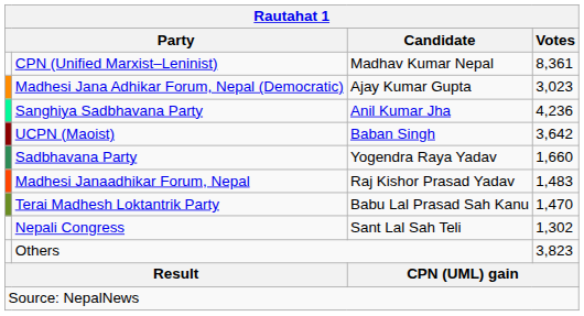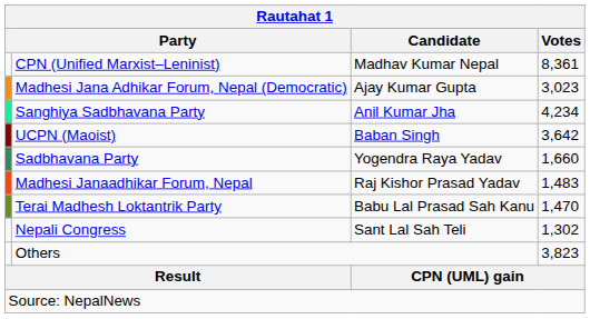 <table class="wikitable">
 <tr>
 <th colspan="4"><a href='#'>Rautahat 1</a></th>
 </tr>
 <tr>
 <th colspan="2">Party</th>
 <th>Candidate</th>
 <th>Votes</th>
 </tr>
 <tr>
 <td style="background-color:"></td>
 <td><a href='#'>CPN (Unified Marxist–Leninist)</a></td>
 <td>Madhav Kumar Nepal</td>
 <td>8,361</td>
 </tr>
 <tr>
 <td style="background-color:darkorange"></td>
 <td><a href='#'>Madhesi Jana Adhikar Forum, Nepal (Democratic)</a></td>
 <td>Ajay Kumar Gupta</td>
 <td>3,023</td>
 </tr>
 <tr>
 <td style="background-color:mediumspringgreen"></td>
 <td><a href='#'>Sanghiya Sadbhavana Party</a></td>
 <td><a href='#'>Anil Kumar Jha</a></td>
-<td>4,236</td>
+<td>4,234</td>
 </tr>
 <tr>
 <td style="background-color:darkred"></td>
 <td><a href='#'>UCPN (Maoist)</a></td>
 <td><a href='#'>Baban Singh</a></td>
 <td>3,642</td>
 </tr>
 <tr>
 <td style="background-color:seagreen"></td>
 <td><a href='#'>Sadbhavana Party</a></td>
 <td>Yogendra Raya Yadav</td>
 <td>1,660</td>
 </tr>
 <tr>
 <td style="background-color:orangered"></td>
 <td><a href='#'>Madhesi Janaadhikar Forum, Nepal</a></td>
 <td>Raj Kishor Prasad Yadav</td>
 <td>1,483</td>
 </tr>
 <tr>
 <td style="background-color:olivedrab"></td>
 <td><a href='#'>Terai Madhesh Loktantrik Party</a></td>
 <td>Babu Lal Prasad Sah Kanu</td>
 <td>1,470</td>
 </tr>
 <tr>
 <td style="background-color:"></td>
 <td><a href='#'>Nepali Congress</a></td>
 <td>Sant Lal Sah Teli</td>
 <td>1,302</td>
 </tr>
 <tr>
 <td></td>
 <td colspan="2">Others</td>
 <td>3,823</td>
 </tr>
 <tr>
 <th colspan="2">Result</th>
 <th colspan="2">CPN (UML) gain</th>
 </tr>
 <tr>
 <td colspan="4">Source: NepalNews</td>
 </tr>
 </table>
